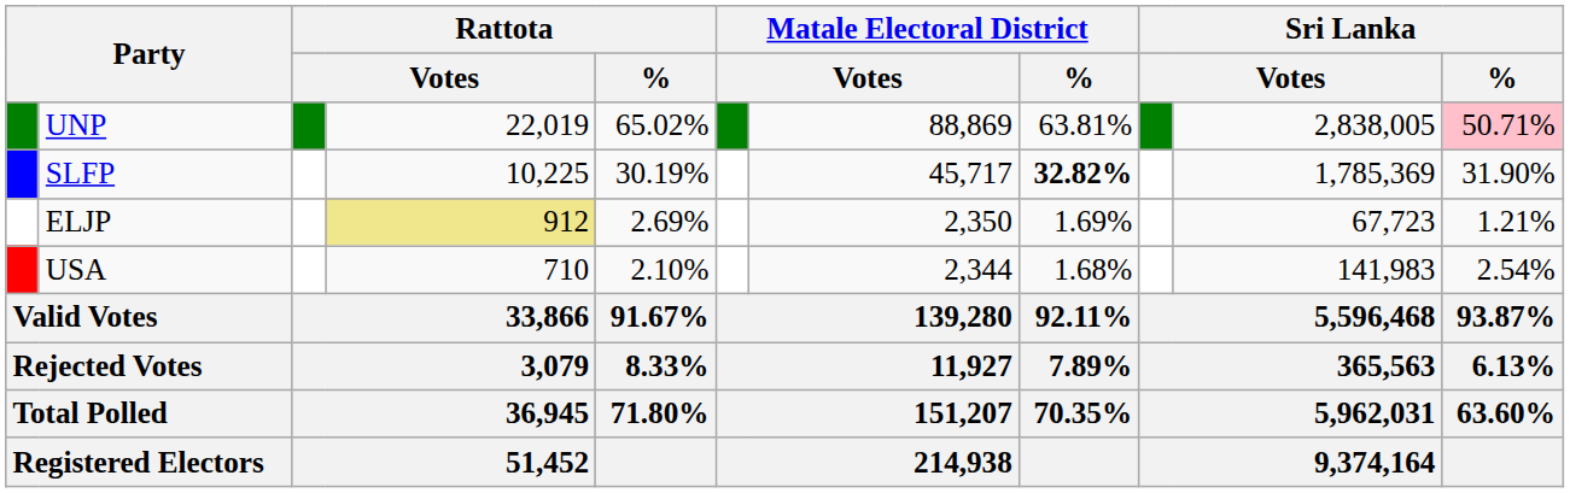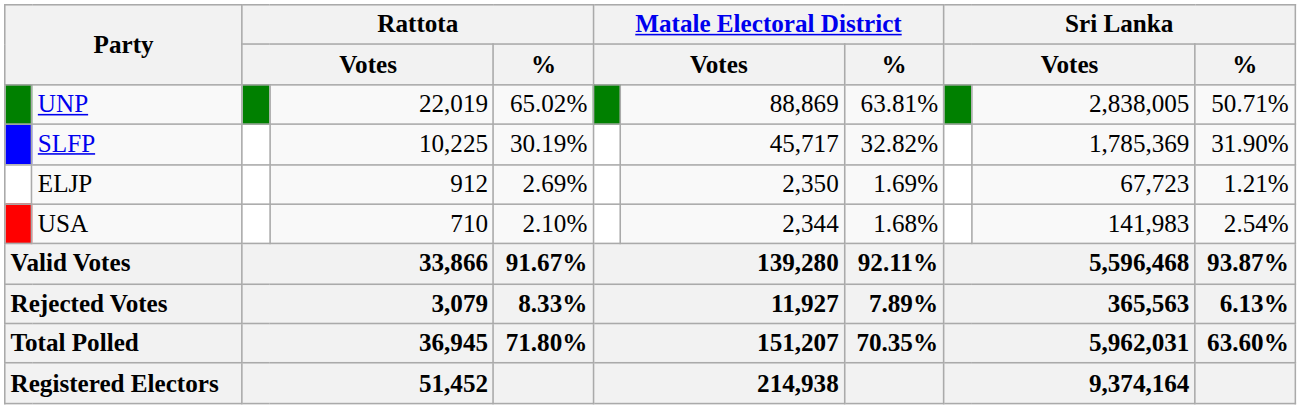 <table class="wikitable">
 <tr>
 <th colspan="2" width="144px"rowspan="2">Party</th>
 <th colspan="3" width="216px">Rattota</th>
 <th colspan="3" width="216px"><a href='#'>Matale Electoral District</a></th>
 <th colspan="3" width="216px">Sri Lanka</th>
 </tr>
 <tr>
 <th colspan="2" width="144px">Votes</th>
 <th>%</th>
 <th colspan="2" width="144px">Votes</th>
 <th>%</th>
 <th colspan="2" width="144px">Votes</th>
 <th>%</th>
 </tr>
 <tr>
 <td style="background-color:green;" width="10px"></td>
 <td style="text-align:left;"><a href='#'>UNP</a></td>
 <td style="background-color:green;" width="10px"></td>
 <td style="text-align:right;">22,019</td>
 <td style="text-align:right;">65.02%</td>
 <td style="background-color:green;" width="10px"></td>
 <td style="text-align:right;">88,869</td>
 <td style="text-align:right;">63.81%</td>
 <td style="background-color:green;" width="10px"></td>
 <td style="text-align:right;">2,838,005</td>
-<td style="background: pink; text-align:right;">50.71%</td>
+<td style="text-align:right;">50.71%</td>
 </tr>
 <tr>
 <td style="background-color:blue;" width="10px"></td>
 <td style="text-align:left;"><a href='#'>SLFP</a></td>
 <td style="background-color:white;" width="10px"></td>
 <td style="text-align:right;">10,225</td>
 <td style="text-align:right;">30.19%</td>
 <td style="background-color:white;" width="10px"></td>
 <td style="text-align:right;">45,717</td>
-<td style="text-align:right;"><strong>32.82%</strong></td>
+<td style="text-align:right;">32.82%</td>
 <td style="background-color:white;" width="10px"></td>
 <td style="text-align:right;">1,785,369</td>
 <td style="text-align:right;">31.90%</td>
 </tr>
 <tr>
 <td style="background-color:white;" width="10px"></td>
 <td style="text-align:left;">ELJP</td>
 <td style="background-color:white;" width="10px"></td>
-<td style="background: khaki; text-align:right;">912</td>
+<td style="text-align:right;">912</td>
 <td style="text-align:right;">2.69%</td>
 <td style="background-color:white;" width="10px"></td>
 <td style="text-align:right;">2,350</td>
 <td style="text-align:right;">1.69%</td>
 <td style="background-color:white;" width="10px"></td>
 <td style="text-align:right;">67,723</td>
 <td style="text-align:right;">1.21%</td>
 </tr>
 <tr>
 <td style="background-color:red;" width="10px"></td>
 <td style="text-align:left;">USA</td>
 <td style="background-color:white;" width="10px"></td>
 <td style="text-align:right;">710</td>
 <td style="text-align:right;">2.10%</td>
 <td style="background-color:white;" width="10px"></td>
 <td style="text-align:right;">2,344</td>
 <td style="text-align:right;">1.68%</td>
 <td style="background-color:white;" width="10px"></td>
 <td style="text-align:right;">141,983</td>
 <td style="text-align:right;">2.54%</td>
 </tr>
 <tr>
 <th colspan="2" width="144px"style="text-align:left;">Valid Votes</th>
 <th style="text-align:right;"colspan="2" width="144px">33,866</th>
 <th style="text-align:right;">91.67%</th>
 <th style="text-align:right;"colspan="2" width="144px">139,280</th>
 <th style="text-align:right;">92.11%</th>
 <th style="text-align:right;"colspan="2" width="144px">5,596,468</th>
 <th style="text-align:right;">93.87%</th>
 </tr>
 <tr>
 <th colspan="2" width="144px"style="text-align:left;">Rejected Votes</th>
 <th style="text-align:right;"colspan="2" width="144px">3,079</th>
 <th style="text-align:right;">8.33%</th>
 <th style="text-align:right;"colspan="2" width="144px">11,927</th>
 <th style="text-align:right;">7.89%</th>
 <th style="text-align:right;"colspan="2" width="144px">365,563</th>
 <th style="text-align:right;">6.13%</th>
 </tr>
 <tr>
 <th colspan="2" width="144px"style="text-align:left;">Total Polled</th>
 <th style="text-align:right;"colspan="2" width="144px">36,945</th>
 <th style="text-align:right;">71.80%</th>
 <th style="text-align:right;"colspan="2" width="144px">151,207</th>
 <th style="text-align:right;">70.35%</th>
 <th style="text-align:right;"colspan="2" width="144px">5,962,031</th>
 <th style="text-align:right;">63.60%</th>
 </tr>
 <tr>
 <th colspan="2" width="144px"style="text-align:left;">Registered Electors</th>
 <th style="text-align:right;"colspan="2" width="144px">51,452</th>
 <th></th>
 <th style="text-align:right;"colspan="2" width="144px">214,938</th>
 <th></th>
 <th style="text-align:right;"colspan="2" width="144px">9,374,164</th>
 <th></th>
 </tr>
 </table>
